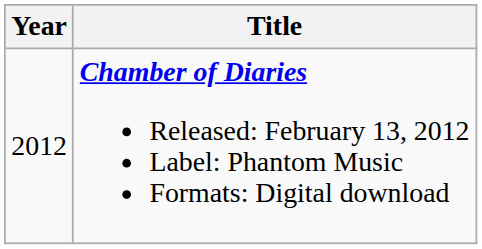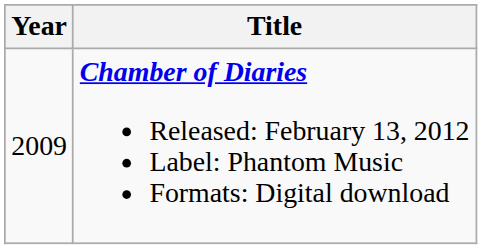 <table class="wikitable">
 <tr>
 <th>Year</th>
 <th>Title</th>
 </tr>
 <tr>
-<td>2012</td>
+<td>2009</td>
 <td><strong><em><a href='#'>Chamber of Diaries</a></em></strong><br><ul><li>Released: February 13, 2012</li><li>Label: Phantom Music</li><li>Formats: Digital download</li></ul></td>
 </tr>
 </table>
